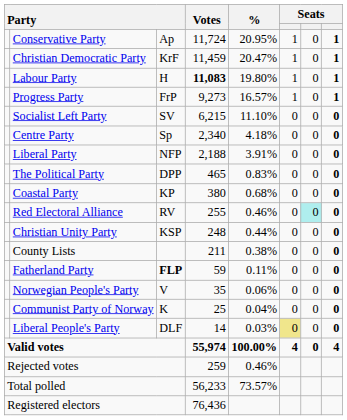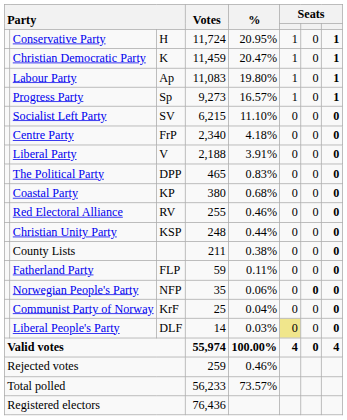 <table class="wikitable" border="1" style="text-align:right;">
 <tr>
 <th style="text-align:left;" valign=bottom rowspan=2 colspan=3>Party</th>
 <th align=center valign=bottom rowspan=2 width="50">Votes</th>
 <th align=center valign=bottom rowspan=2 width="50">%</th>
 <th colspan=3>Seats</th>
 </tr>
 <tr>
 <th align=center valign=bottom width="20"><small></small></th>
 <th align=center valign=bottom width="20"><small><a href='#'></a></small></th>
 <th align=center valign=bottom width="20"><small></small></th>
 </tr>
 <tr>
 <td style="color:inherit;background:"></td>
 <td align=left><a href='#'>Conservative Party</a></td>
-<td align=left>Ap</td>
+<td align=left>H</td>
 <td>11,724</td>
 <td>20.95%</td>
 <td>1</td>
 <td>0</td>
 <td><strong>1</strong></td>
 </tr>
 <tr>
 <td style="color:inherit;background:"></td>
 <td align=left><a href='#'>Christian Democratic Party</a></td>
-<td align=left>KrF</td>
+<td align=left>K</td>
 <td>11,459</td>
 <td>20.47%</td>
 <td>1</td>
 <td>0</td>
 <td><strong>1</strong></td>
 </tr>
 <tr>
 <td style="color:inherit;background:"></td>
 <td align=left><a href='#'>Labour Party</a></td>
-<td align=left>H</td>
-<td><strong>11,083</strong></td>
+<td align=left>Ap</td>
+<td>11,083</td>
 <td>19.80%</td>
 <td>1</td>
 <td>0</td>
 <td><strong>1</strong></td>
 </tr>
 <tr>
 <td style="color:inherit;background:"></td>
 <td align=left><a href='#'>Progress Party</a></td>
-<td align=left>FrP</td>
+<td align=left>Sp</td>
 <td>9,273</td>
 <td>16.57%</td>
 <td>1</td>
 <td>0</td>
 <td><strong>1</strong></td>
 </tr>
 <tr>
 <td style="color:inherit;background:"></td>
 <td align=left><a href='#'>Socialist Left Party</a></td>
 <td align=left>SV</td>
 <td>6,215</td>
 <td>11.10%</td>
 <td>0</td>
 <td>0</td>
 <td><strong>0</strong></td>
 </tr>
 <tr>
 <td style="color:inherit;background:"></td>
 <td align=left><a href='#'>Centre Party</a></td>
-<td align=left>Sp</td>
+<td align=left>FrP</td>
 <td>2,340</td>
 <td>4.18%</td>
 <td>0</td>
 <td>0</td>
 <td><strong>0</strong></td>
 </tr>
 <tr>
 <td style="color:inherit;background:"></td>
 <td align=left><a href='#'>Liberal Party</a></td>
-<td align=left>NFP</td>
+<td align=left>V</td>
 <td>2,188</td>
 <td>3.91%</td>
 <td>0</td>
 <td>0</td>
 <td><strong>0</strong></td>
 </tr>
 <tr>
 <td style="color:inherit;background:"></td>
 <td align=left><a href='#'>The Political Party</a></td>
 <td align=left>DPP</td>
 <td>465</td>
 <td>0.83%</td>
 <td>0</td>
 <td>0</td>
 <td><strong>0</strong></td>
 </tr>
 <tr>
 <td style="color:inherit;background:"></td>
 <td align=left><a href='#'>Coastal Party</a></td>
 <td align=left>KP</td>
 <td>380</td>
 <td>0.68%</td>
 <td>0</td>
 <td>0</td>
 <td><strong>0</strong></td>
 </tr>
 <tr>
 <td style="color:inherit;background:"></td>
 <td align=left><a href='#'>Red Electoral Alliance</a></td>
 <td align=left>RV</td>
 <td>255</td>
 <td>0.46%</td>
 <td>0</td>
-<td style="background: paleturquoise;">0</td>
+<td>0</td>
 <td><strong>0</strong></td>
 </tr>
 <tr>
 <td style="color:inherit;background:"></td>
 <td align=left><a href='#'>Christian Unity Party</a></td>
 <td align=left>KSP</td>
 <td>248</td>
 <td>0.44%</td>
 <td>0</td>
 <td>0</td>
 <td><strong>0</strong></td>
 </tr>
 <tr>
 <td></td>
 <td align=left>County Lists</td>
 <td align=left></td>
 <td>211</td>
 <td>0.38%</td>
 <td>0</td>
 <td>0</td>
 <td><strong>0</strong></td>
 </tr>
 <tr>
 <td style="color:inherit;background:"></td>
 <td align=left><a href='#'>Fatherland Party</a></td>
-<td align=left><strong>FLP</strong></td>
+<td align=left>FLP</td>
 <td>59</td>
 <td>0.11%</td>
 <td>0</td>
 <td>0</td>
 <td><strong>0</strong></td>
 </tr>
 <tr>
 <td style="color:inherit;background:"></td>
 <td align=left><a href='#'>Norwegian People's Party</a></td>
-<td align=left>V</td>
+<td align=left>NFP</td>
 <td>35</td>
 <td>0.06%</td>
 <td>0</td>
-<td>0</td>
+<td><strong>0</strong></td>
 <td><strong>0</strong></td>
 </tr>
 <tr>
 <td style="color:inherit;background:"></td>
 <td align=left><a href='#'>Communist Party of Norway</a></td>
-<td align=left>K</td>
+<td align=left>KrF</td>
 <td>25</td>
 <td>0.04%</td>
 <td>0</td>
 <td>0</td>
 <td><strong>0</strong></td>
 </tr>
 <tr>
 <td style="color:inherit;background:"></td>
 <td align=left><a href='#'>Liberal People's Party</a></td>
 <td align=left>DLF</td>
 <td>14</td>
 <td>0.03%</td>
 <td style="background: khaki;">0</td>
 <td>0</td>
 <td><strong>0</strong></td>
 </tr>
 <tr style="font-weight:bold">
 <td align=left colspan=3>Valid votes</td>
 <td>55,974</td>
 <td>100.00%</td>
 <td>4</td>
 <td>0</td>
 <td>4</td>
 </tr>
 <tr>
 <td align=left colspan=3>Rejected votes</td>
 <td>259</td>
 <td>0.46%</td>
 <td></td>
 <td></td>
 <td></td>
 </tr>
 <tr>
 <td align=left colspan=3>Total polled</td>
 <td>56,233</td>
 <td>73.57%</td>
 <td></td>
 <td></td>
 <td></td>
 </tr>
 <tr>
 <td align=left colspan=3>Registered electors</td>
 <td>76,436</td>
 <td></td>
 <td></td>
 <td></td>
 <td></td>
 </tr>
 </table>
